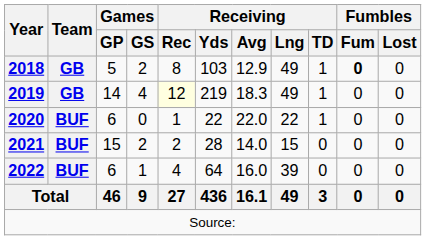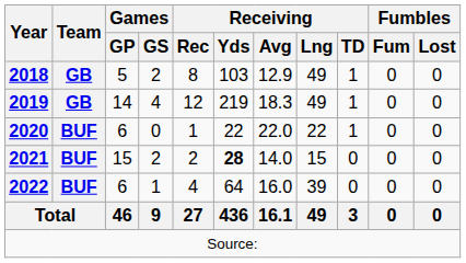 <table class="wikitable" style="text-align: center;">
 <tr>
 <th rowspan="2">Year</th>
 <th rowspan="2">Team</th>
 <th colspan="2">Games</th>
 <th colspan="5">Receiving</th>
 <th colspan="2">Fumbles</th>
 </tr>
 <tr>
 <th>GP</th>
 <th>GS</th>
 <th>Rec</th>
 <th>Yds</th>
 <th>Avg</th>
 <th>Lng</th>
 <th>TD</th>
 <th>Fum</th>
 <th>Lost</th>
 </tr>
 <tr>
 <th><a href='#'>2018</a></th>
 <th><a href='#'>GB</a></th>
 <td>5</td>
 <td>2</td>
 <td>8</td>
 <td>103</td>
 <td>12.9</td>
 <td>49</td>
 <td>1</td>
-<td><strong>0</strong></td>
+<td>0</td>
 <td>0</td>
 </tr>
 <tr>
 <th><a href='#'>2019</a></th>
 <th><a href='#'>GB</a></th>
 <td>14</td>
 <td>4</td>
-<td style="background: lightyellow;">12</td>
+<td>12</td>
 <td>219</td>
 <td>18.3</td>
 <td>49</td>
 <td>1</td>
 <td>0</td>
 <td>0</td>
 </tr>
 <tr>
 <th><a href='#'>2020</a></th>
 <th><a href='#'>BUF</a></th>
 <td>6</td>
 <td>0</td>
 <td>1</td>
 <td>22</td>
 <td>22.0</td>
 <td>22</td>
 <td>1</td>
 <td>0</td>
 <td>0</td>
 </tr>
 <tr>
 <th><a href='#'>2021</a></th>
 <th><a href='#'>BUF</a></th>
 <td>15</td>
 <td>2</td>
 <td>2</td>
-<td>28</td>
+<td><strong>28</strong></td>
 <td>14.0</td>
 <td>15</td>
 <td>0</td>
 <td>0</td>
 <td>0</td>
 </tr>
 <tr>
 <th><a href='#'>2022</a></th>
 <th><a href='#'>BUF</a></th>
 <td>6</td>
 <td>1</td>
 <td>4</td>
 <td>64</td>
 <td>16.0</td>
 <td>39</td>
 <td>0</td>
 <td>0</td>
 <td>0</td>
 </tr>
 <tr>
 <th colspan="2">Total</th>
 <th>46</th>
 <th>9</th>
 <th>27</th>
 <th>436</th>
 <th>16.1</th>
 <th>49</th>
 <th>3</th>
 <th>0</th>
 <th>0</th>
 </tr>
 <tr>
 <td colspan="11"><small>Source: </small></td>
 </tr>
 </table>
